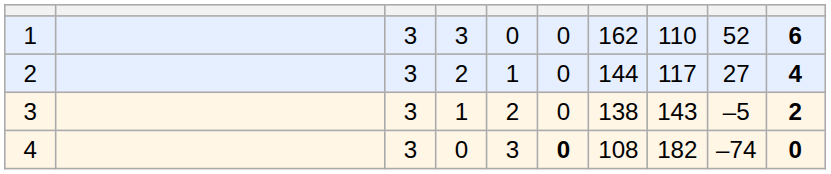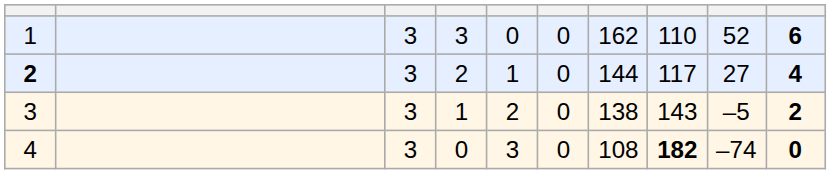 <table class="wikitable" style="text-align:center; font-size:95%">
 <tr>
 <th width="25"></th>
 <th width="200"></th>
 <th width="25"></th>
 <th width="25"></th>
 <th width="25"></th>
 <th width="25"></th>
 <th width="30"></th>
 <th width="30"></th>
 <th width="30"></th>
 <th width="30"></th>
 </tr>
 <tr style="background:#e6efff">
 <td>1</td>
 <td style="text-align:left"></td>
 <td>3</td>
 <td>3</td>
 <td>0</td>
 <td>0</td>
 <td>162</td>
 <td>110</td>
 <td>52</td>
 <td><strong>6</strong></td>
 </tr>
 <tr style="background:#e6efff">
-<td>2</td>
+<td><strong>2</strong></td>
 <td style="text-align:left"></td>
 <td>3</td>
 <td>2</td>
 <td>1</td>
 <td>0</td>
 <td>144</td>
 <td>117</td>
 <td>27</td>
 <td><strong>4</strong></td>
 </tr>
 <tr style="background:#fff6e6">
 <td>3</td>
 <td style="text-align:left"></td>
 <td>3</td>
 <td>1</td>
 <td>2</td>
 <td>0</td>
 <td>138</td>
 <td>143</td>
 <td>–5</td>
 <td><strong>2</strong></td>
 </tr>
 <tr style="background:#fff6e6">
 <td>4</td>
 <td style="text-align:left"></td>
 <td>3</td>
 <td>0</td>
 <td>3</td>
-<td><strong>0</strong></td>
+<td>0</td>
 <td>108</td>
-<td>182</td>
+<td><strong>182</strong></td>
 <td>–74</td>
 <td><strong>0</strong></td>
 </tr>
 </table>
